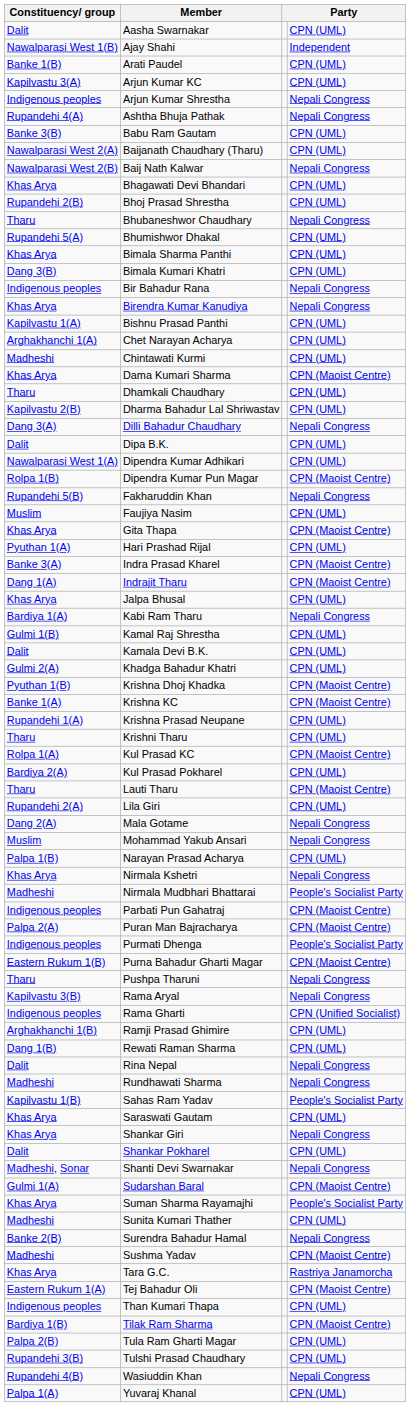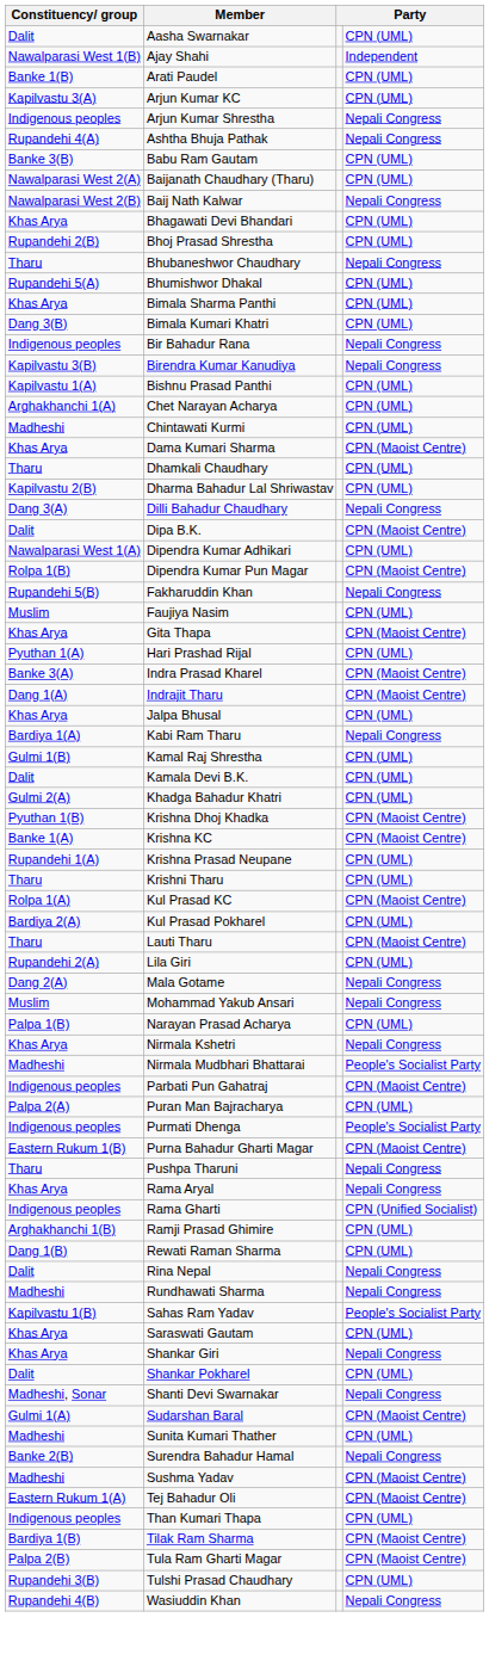 <table class="wikitable sortable">
 <tr>
 <th>Constituency/ group</th>
 <th>Member</th>
 <th colspan="2">Party</th>
 </tr>
 <tr>
 <td><a href='#'>Dalit</a></td>
 <td>Aasha Swarnakar</td>
 <td></td>
 <td><a href='#'>CPN (UML)</a></td>
 </tr>
 <tr>
 <td><a href='#'>Nawalparasi West 1(B)</a></td>
 <td>Ajay Shahi</td>
 <td></td>
 <td><a href='#'>Independent</a></td>
 </tr>
 <tr>
 <td><a href='#'>Banke 1(B)</a></td>
 <td>Arati Paudel</td>
 <td></td>
 <td><a href='#'>CPN (UML)</a></td>
 </tr>
 <tr>
 <td><a href='#'>Kapilvastu 3(A)</a></td>
 <td>Arjun Kumar KC</td>
 <td></td>
 <td><a href='#'>CPN (UML)</a></td>
 </tr>
 <tr>
 <td><a href='#'>Indigenous peoples</a></td>
 <td>Arjun Kumar Shrestha</td>
 <td></td>
 <td><a href='#'>Nepali Congress</a></td>
 </tr>
 <tr>
 <td><a href='#'>Rupandehi 4(A)</a></td>
 <td>Ashtha Bhuja Pathak</td>
 <td></td>
 <td><a href='#'>Nepali Congress</a></td>
 </tr>
 <tr>
 <td><a href='#'>Banke 3(B)</a></td>
 <td>Babu Ram Gautam</td>
 <td></td>
 <td><a href='#'>CPN (UML)</a></td>
 </tr>
 <tr>
 <td><a href='#'>Nawalparasi West 2(A)</a></td>
 <td>Baijanath Chaudhary (Tharu)</td>
 <td></td>
 <td><a href='#'>CPN (UML)</a></td>
 </tr>
 <tr>
 <td><a href='#'>Nawalparasi West 2(B)</a></td>
 <td>Baij Nath Kalwar</td>
 <td></td>
 <td><a href='#'>Nepali Congress</a></td>
 </tr>
 <tr>
 <td><a href='#'>Khas Arya</a></td>
 <td>Bhagawati Devi Bhandari</td>
 <td></td>
 <td><a href='#'>CPN (UML)</a></td>
 </tr>
 <tr>
 <td><a href='#'>Rupandehi 2(B)</a></td>
 <td>Bhoj Prasad Shrestha</td>
 <td></td>
 <td><a href='#'>CPN (UML)</a></td>
 </tr>
 <tr>
 <td><a href='#'>Tharu</a></td>
 <td>Bhubaneshwor Chaudhary</td>
 <td></td>
 <td><a href='#'>Nepali Congress</a></td>
 </tr>
 <tr>
 <td><a href='#'>Rupandehi 5(A)</a></td>
 <td>Bhumishwor Dhakal</td>
 <td></td>
 <td><a href='#'>CPN (UML)</a></td>
 </tr>
 <tr>
 <td><a href='#'>Khas Arya</a></td>
 <td>Bimala Sharma Panthi</td>
 <td></td>
 <td><a href='#'>CPN (UML)</a></td>
 </tr>
 <tr>
 <td><a href='#'>Dang 3(B)</a></td>
 <td>Bimala Kumari Khatri</td>
 <td></td>
 <td><a href='#'>CPN (UML)</a></td>
 </tr>
 <tr>
 <td><a href='#'>Indigenous peoples</a></td>
 <td>Bir Bahadur Rana</td>
 <td></td>
 <td><a href='#'>Nepali Congress</a></td>
 </tr>
 <tr>
-<td><a href='#'>Khas Arya</a></td>
+<td><a href='#'>Kapilvastu 3(B)</a></td>
 <td><a href='#'>Birendra Kumar Kanudiya</a></td>
 <td></td>
 <td><a href='#'>Nepali Congress</a></td>
 </tr>
 <tr>
 <td><a href='#'>Kapilvastu 1(A)</a></td>
 <td>Bishnu Prasad Panthi</td>
 <td></td>
 <td><a href='#'>CPN (UML)</a></td>
 </tr>
 <tr>
 <td><a href='#'>Arghakhanchi 1(A)</a></td>
 <td>Chet Narayan Acharya</td>
 <td></td>
 <td><a href='#'>CPN (UML)</a></td>
 </tr>
 <tr>
 <td><a href='#'>Madheshi</a></td>
 <td>Chintawati Kurmi</td>
 <td></td>
 <td><a href='#'>CPN (UML)</a></td>
 </tr>
 <tr>
 <td><a href='#'>Khas Arya</a></td>
 <td>Dama Kumari Sharma</td>
 <td></td>
 <td><a href='#'>CPN (Maoist Centre)</a></td>
 </tr>
 <tr>
 <td><a href='#'>Tharu</a></td>
 <td>Dhamkali Chaudhary</td>
 <td></td>
 <td><a href='#'>CPN (UML)</a></td>
 </tr>
 <tr>
 <td><a href='#'>Kapilvastu 2(B)</a></td>
 <td>Dharma Bahadur Lal Shriwastav</td>
 <td></td>
 <td><a href='#'>CPN (UML)</a></td>
 </tr>
 <tr>
 <td><a href='#'>Dang 3(A)</a></td>
 <td><a href='#'>Dilli Bahadur Chaudhary</a></td>
 <td></td>
 <td><a href='#'>Nepali Congress</a></td>
 </tr>
 <tr>
 <td><a href='#'>Dalit</a></td>
 <td>Dipa B.K.</td>
 <td></td>
-<td><a href='#'>CPN (UML)</a></td>
+<td><a href='#'>CPN (Maoist Centre)</a></td>
 </tr>
 <tr>
 <td><a href='#'>Nawalparasi West 1(A)</a></td>
 <td>Dipendra Kumar Adhikari</td>
 <td></td>
 <td><a href='#'>CPN (UML)</a></td>
 </tr>
 <tr>
 <td><a href='#'>Rolpa 1(B)</a></td>
 <td>Dipendra Kumar Pun Magar</td>
 <td></td>
 <td><a href='#'>CPN (Maoist Centre)</a></td>
 </tr>
 <tr>
 <td><a href='#'>Rupandehi 5(B)</a></td>
 <td>Fakharuddin Khan</td>
 <td></td>
 <td><a href='#'>Nepali Congress</a></td>
 </tr>
 <tr>
 <td><a href='#'>Muslim</a></td>
 <td>Faujiya Nasim</td>
 <td></td>
 <td><a href='#'>CPN (UML)</a></td>
 </tr>
 <tr>
 <td><a href='#'>Khas Arya</a></td>
 <td>Gita Thapa</td>
 <td></td>
 <td><a href='#'>CPN (Maoist Centre)</a></td>
 </tr>
 <tr>
 <td><a href='#'>Pyuthan 1(A)</a></td>
 <td>Hari Prashad Rijal</td>
 <td></td>
 <td><a href='#'>CPN (UML)</a></td>
 </tr>
 <tr>
 <td><a href='#'>Banke 3(A)</a></td>
 <td>Indra Prasad Kharel</td>
 <td></td>
 <td><a href='#'>CPN (Maoist Centre)</a></td>
 </tr>
 <tr>
 <td><a href='#'>Dang 1(A)</a></td>
 <td><a href='#'>Indrajit Tharu</a></td>
 <td></td>
 <td><a href='#'>CPN (Maoist Centre)</a></td>
 </tr>
 <tr>
 <td><a href='#'>Khas Arya</a></td>
 <td>Jalpa Bhusal</td>
 <td></td>
 <td><a href='#'>CPN (UML)</a></td>
 </tr>
 <tr>
 <td><a href='#'>Bardiya 1(A)</a></td>
 <td>Kabi Ram Tharu</td>
 <td></td>
 <td><a href='#'>Nepali Congress</a></td>
 </tr>
 <tr>
 <td><a href='#'>Gulmi 1(B)</a></td>
 <td>Kamal Raj Shrestha</td>
 <td></td>
 <td><a href='#'>CPN (UML)</a></td>
 </tr>
 <tr>
 <td><a href='#'>Dalit</a></td>
 <td>Kamala Devi B.K.</td>
 <td></td>
 <td><a href='#'>CPN (UML)</a></td>
 </tr>
 <tr>
 <td><a href='#'>Gulmi 2(A)</a></td>
 <td>Khadga Bahadur Khatri</td>
 <td></td>
 <td><a href='#'>CPN (UML)</a></td>
 </tr>
 <tr>
 <td><a href='#'>Pyuthan 1(B)</a></td>
 <td>Krishna Dhoj Khadka</td>
 <td></td>
 <td><a href='#'>CPN (Maoist Centre)</a></td>
 </tr>
 <tr>
 <td><a href='#'>Banke 1(A)</a></td>
 <td>Krishna KC</td>
 <td></td>
 <td><a href='#'>CPN (Maoist Centre)</a></td>
 </tr>
 <tr>
 <td><a href='#'>Rupandehi 1(A)</a></td>
 <td>Krishna Prasad Neupane</td>
 <td></td>
 <td><a href='#'>CPN (UML)</a></td>
 </tr>
 <tr>
 <td><a href='#'>Tharu</a></td>
 <td>Krishni Tharu</td>
 <td></td>
 <td><a href='#'>CPN (UML)</a></td>
 </tr>
 <tr>
 <td><a href='#'>Rolpa 1(A)</a></td>
 <td>Kul Prasad KC</td>
 <td></td>
 <td><a href='#'>CPN (Maoist Centre)</a></td>
 </tr>
 <tr>
 <td><a href='#'>Bardiya 2(A)</a></td>
 <td>Kul Prasad Pokharel</td>
 <td></td>
 <td><a href='#'>CPN (UML)</a></td>
 </tr>
 <tr>
 <td><a href='#'>Tharu</a></td>
 <td>Lauti Tharu</td>
 <td></td>
 <td><a href='#'>CPN (Maoist Centre)</a></td>
 </tr>
 <tr>
 <td><a href='#'>Rupandehi 2(A)</a></td>
 <td>Lila Giri</td>
 <td></td>
 <td><a href='#'>CPN (UML)</a></td>
 </tr>
 <tr>
 <td><a href='#'>Dang 2(A)</a></td>
 <td>Mala Gotame</td>
 <td></td>
 <td><a href='#'>Nepali Congress</a></td>
 </tr>
 <tr>
 <td><a href='#'>Muslim</a></td>
 <td>Mohammad Yakub Ansari</td>
 <td></td>
 <td><a href='#'>Nepali Congress</a></td>
 </tr>
 <tr>
 <td><a href='#'>Palpa 1(B)</a></td>
 <td>Narayan Prasad Acharya</td>
 <td></td>
 <td><a href='#'>CPN (UML)</a></td>
 </tr>
 <tr>
 <td><a href='#'>Khas Arya</a></td>
 <td>Nirmala Kshetri</td>
 <td></td>
 <td><a href='#'>Nepali Congress</a></td>
 </tr>
 <tr>
 <td><a href='#'>Madheshi</a></td>
 <td>Nirmala Mudbhari Bhattarai</td>
 <td></td>
 <td><a href='#'>People's Socialist Party</a></td>
 </tr>
 <tr>
 <td><a href='#'>Indigenous peoples</a></td>
 <td>Parbati Pun Gahatraj</td>
 <td></td>
 <td><a href='#'>CPN (Maoist Centre)</a></td>
 </tr>
 <tr>
 <td><a href='#'>Palpa 2(A)</a></td>
 <td>Puran Man Bajracharya</td>
 <td></td>
-<td><a href='#'>CPN (Maoist Centre)</a></td>
+<td><a href='#'>CPN (UML)</a></td>
 </tr>
 <tr>
 <td><a href='#'>Indigenous peoples</a></td>
 <td>Purmati Dhenga</td>
 <td></td>
 <td><a href='#'>People's Socialist Party</a></td>
 </tr>
 <tr>
 <td><a href='#'>Eastern Rukum 1(B)</a></td>
 <td>Purna Bahadur Gharti Magar</td>
 <td></td>
 <td><a href='#'>CPN (Maoist Centre)</a></td>
 </tr>
 <tr>
 <td><a href='#'>Tharu</a></td>
 <td>Pushpa Tharuni</td>
 <td></td>
 <td><a href='#'>Nepali Congress</a></td>
 </tr>
 <tr>
-<td><a href='#'>Kapilvastu 3(B)</a></td>
+<td><a href='#'>Khas Arya</a></td>
 <td>Rama Aryal</td>
 <td></td>
 <td><a href='#'>Nepali Congress</a></td>
 </tr>
 <tr>
 <td><a href='#'>Indigenous peoples</a></td>
 <td>Rama Gharti</td>
 <td></td>
 <td><a href='#'>CPN (Unified Socialist)</a></td>
 </tr>
 <tr>
 <td><a href='#'>Arghakhanchi 1(B)</a></td>
 <td>Ramji Prasad Ghimire</td>
 <td></td>
 <td><a href='#'>CPN (UML)</a></td>
 </tr>
 <tr>
 <td><a href='#'>Dang 1(B)</a></td>
 <td>Rewati Raman Sharma</td>
 <td></td>
 <td><a href='#'>CPN (UML)</a></td>
 </tr>
 <tr>
 <td><a href='#'>Dalit</a></td>
 <td>Rina Nepal</td>
 <td></td>
 <td><a href='#'>Nepali Congress</a></td>
 </tr>
 <tr>
 <td><a href='#'>Madheshi</a></td>
 <td>Rundhawati Sharma</td>
 <td></td>
 <td><a href='#'>Nepali Congress</a></td>
 </tr>
 <tr>
 <td><a href='#'>Kapilvastu 1(B)</a></td>
 <td>Sahas Ram Yadav</td>
 <td></td>
 <td><a href='#'>People's Socialist Party</a></td>
 </tr>
 <tr>
 <td><a href='#'>Khas Arya</a></td>
 <td>Saraswati Gautam</td>
 <td></td>
 <td><a href='#'>CPN (UML)</a></td>
 </tr>
 <tr>
 <td><a href='#'>Khas Arya</a></td>
 <td>Shankar Giri</td>
 <td></td>
 <td><a href='#'>Nepali Congress</a></td>
 </tr>
 <tr>
 <td><a href='#'>Dalit</a></td>
 <td><a href='#'>Shankar Pokharel</a></td>
 <td></td>
 <td><a href='#'>CPN (UML)</a></td>
 </tr>
 <tr>
 <td><a href='#'>Madheshi</a>, <a href='#'>Sonar</a></td>
 <td>Shanti Devi Swarnakar</td>
 <td></td>
 <td><a href='#'>Nepali Congress</a></td>
 </tr>
 <tr>
 <td><a href='#'>Gulmi 1(A)</a></td>
 <td><a href='#'>Sudarshan Baral</a></td>
 <td></td>
 <td><a href='#'>CPN (Maoist Centre)</a></td>
 </tr>
 <tr>
-<td><a href='#'>Khas Arya</a></td>
-<td>Suman Sharma Rayamajhi</td>
-<td></td>
-<td><a href='#'>People's Socialist Party</a></td>
-</tr>
-<tr>
 <td><a href='#'>Madheshi</a></td>
 <td>Sunita Kumari Thather</td>
 <td></td>
 <td><a href='#'>CPN (UML)</a></td>
 </tr>
 <tr>
 <td><a href='#'>Banke 2(B)</a></td>
 <td>Surendra Bahadur Hamal</td>
 <td></td>
 <td><a href='#'>Nepali Congress</a></td>
 </tr>
 <tr>
 <td><a href='#'>Madheshi</a></td>
 <td>Sushma Yadav</td>
 <td></td>
 <td><a href='#'>CPN (Maoist Centre)</a></td>
-</tr>
-<tr>
-<td><a href='#'>Khas Arya</a></td>
-<td>Tara G.C.</td>
-<td></td>
-<td><a href='#'>Rastriya Janamorcha</a></td>
 </tr>
 <tr>
 <td><a href='#'>Eastern Rukum 1(A)</a></td>
 <td>Tej Bahadur Oli</td>
 <td></td>
 <td><a href='#'>CPN (Maoist Centre)</a></td>
 </tr>
 <tr>
 <td><a href='#'>Indigenous peoples</a></td>
 <td>Than Kumari Thapa</td>
 <td></td>
 <td><a href='#'>CPN (UML)</a></td>
 </tr>
 <tr>
 <td><a href='#'>Bardiya 1(B)</a></td>
 <td><a href='#'>Tilak Ram Sharma</a></td>
 <td></td>
 <td><a href='#'>CPN (Maoist Centre)</a></td>
 </tr>
 <tr>
 <td><a href='#'>Palpa 2(B)</a></td>
 <td>Tula Ram Gharti Magar</td>
 <td></td>
-<td><a href='#'>CPN (UML)</a></td>
+<td><a href='#'>CPN (Maoist Centre)</a></td>
 </tr>
 <tr>
 <td><a href='#'>Rupandehi 3(B)</a></td>
 <td>Tulshi Prasad Chaudhary</td>
 <td></td>
 <td><a href='#'>CPN (UML)</a></td>
 </tr>
 <tr>
 <td><a href='#'>Rupandehi 4(B)</a></td>
 <td>Wasiuddin Khan</td>
 <td></td>
 <td><a href='#'>Nepali Congress</a></td>
 </tr>
-<tr>
-<td><a href='#'>Palpa 1(A)</a></td>
-<td>Yuvaraj Khanal</td>
-<td></td>
-<td><a href='#'>CPN (UML)</a></td>
-</tr>
 </table>
